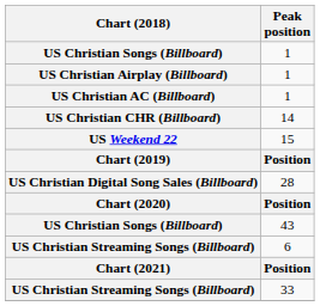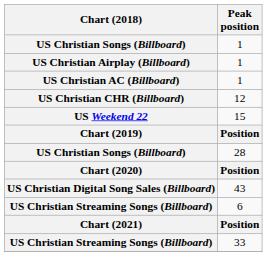 <table class="wikitable plainrowheaders" style="text-align:center">
 <tr>
 <th scope="col">Chart (2018)</th>
 <th scope="col">Peak<br>position</th>
 </tr>
 <tr>
 <th scope="row">US Christian Songs (<em>Billboard</em>)</th>
 <td>1</td>
 </tr>
 <tr>
 <th scope="row">US Christian Airplay (<em>Billboard</em>)</th>
 <td>1</td>
 </tr>
 <tr>
 <th scope="row">US Christian AC (<em>Billboard</em>)</th>
 <td>1</td>
 </tr>
 <tr>
 <th scope="row">US Christian CHR (<em>Billboard</em>)</th>
-<td>14</td>
+<td>12</td>
 </tr>
 <tr>
 <th scope="row">US <em><a href='#'>Weekend 22</a></em></th>
 <td>15</td>
 </tr>
 <tr>
 <th scope="col">Chart (2019)</th>
 <th scope="col">Position</th>
 </tr>
 <tr>
-<th scope="row">US Christian Digital Song Sales (<em>Billboard</em>)</th>
+<th scope="row">US Christian Songs (<em>Billboard</em>)</th>
 <td>28</td>
 </tr>
 <tr>
 <th scope="col">Chart (2020)</th>
 <th scope="col">Position</th>
 </tr>
 <tr>
-<th scope="row">US Christian Songs (<em>Billboard</em>)</th>
+<th scope="row">US Christian Digital Song Sales (<em>Billboard</em>)</th>
 <td>43</td>
 </tr>
 <tr>
 <th scope="row">US Christian Streaming Songs (<em>Billboard</em>)</th>
 <td>6</td>
 </tr>
 <tr>
 <th scope="col">Chart (2021)</th>
 <th scope="col">Position</th>
 </tr>
 <tr>
 <th scope="row">US Christian Streaming Songs (<em>Billboard</em>)</th>
 <td>33</td>
 </tr>
 <tr>
 </tr>
 </table>
